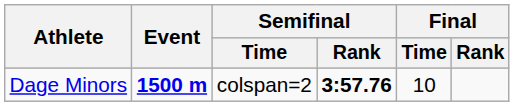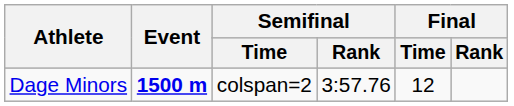 <table class=wikitable style=font-size:90%;text-align:center>
 <tr>
 <th rowspan=2>Athlete</th>
 <th rowspan=2>Event</th>
 <th colspan=2>Semifinal</th>
 <th colspan=2>Final</th>
 </tr>
 <tr style=font-size:95%>
 <th>Time</th>
 <th>Rank</th>
 <th>Time</th>
 <th>Rank</th>
 </tr>
 <tr>
 <td align=left><a href='#'>Dage Minors</a></td>
 <td align=center><strong><a href='#'>1500 m</a></strong></td>
 <td>colspan=2 </td>
-<td><strong>3:57.76</strong></td>
-<td>10</td>
+<td>3:57.76</td>
+<td>12</td>
 </tr>
 </table>
